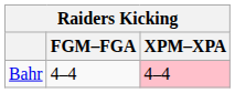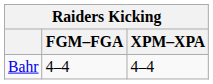 <table class="wikitable">
 <tr>
 <th colspan="3">Raiders Kicking</th>
 </tr>
 <tr>
 <th></th>
 <th>FGM–FGA</th>
 <th>XPM–XPA</th>
 </tr>
 <tr>
 <td><a href='#'>Bahr</a></td>
 <td>4–4</td>
-<td style="background: pink;">4–4</td>
+<td>4–4</td>
 </tr>
 </table>
